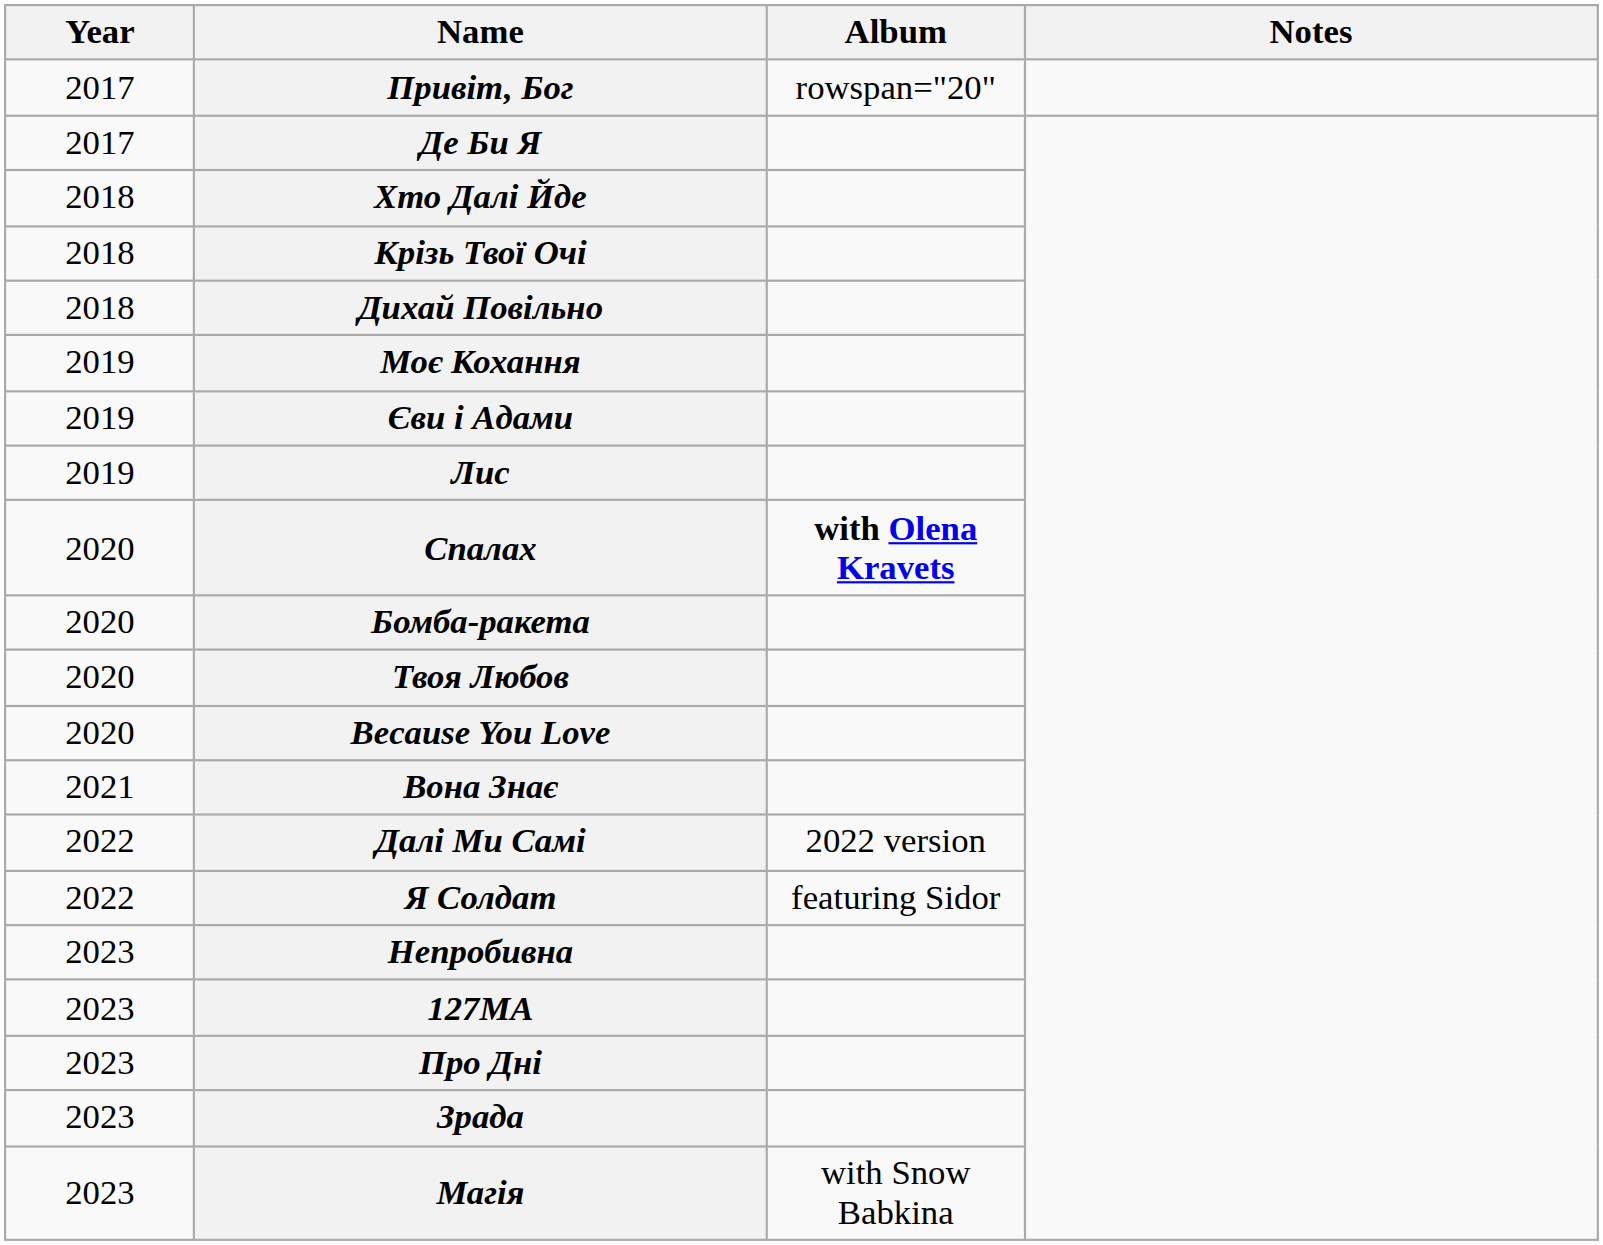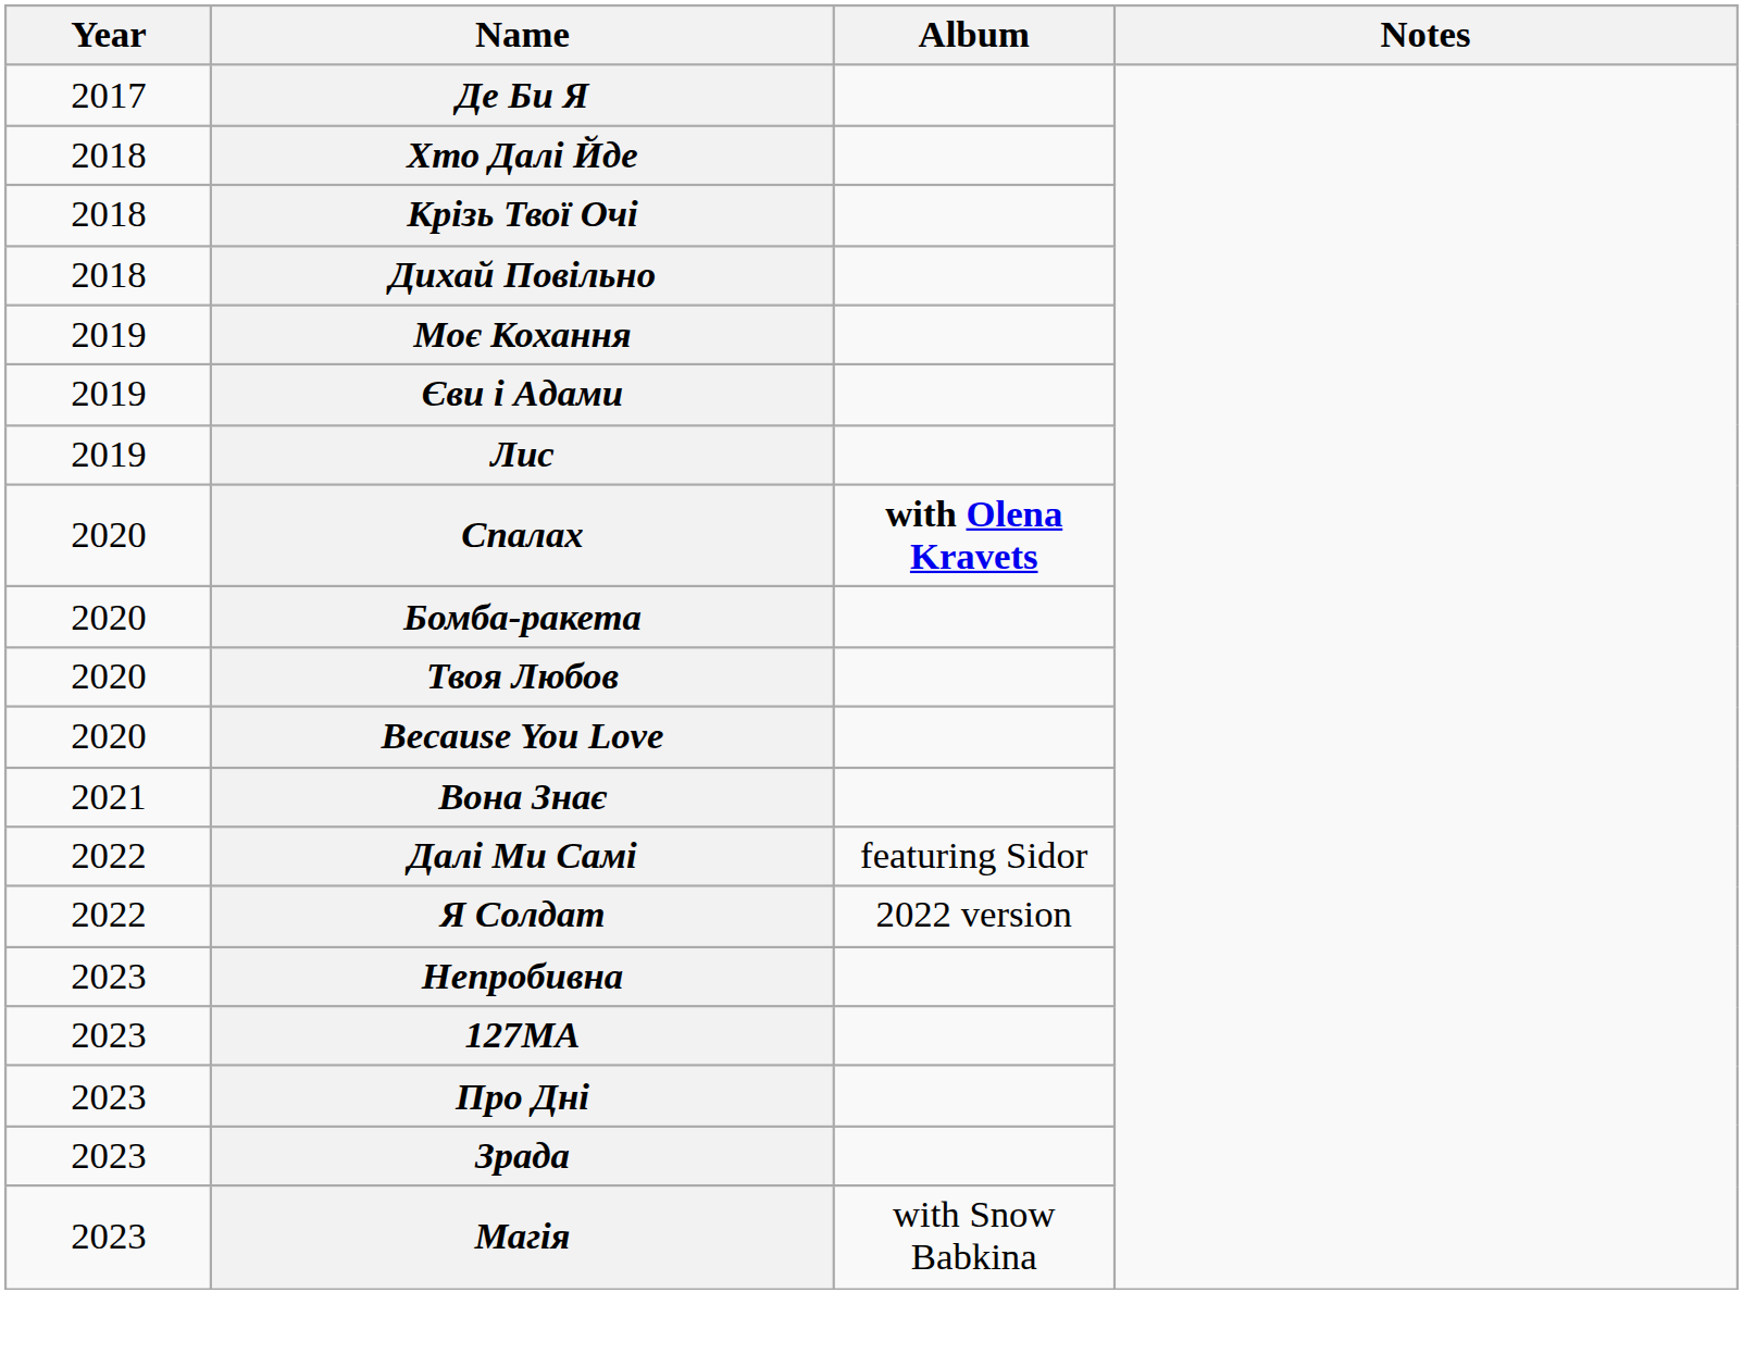 <table class="wikitable plainrowheaders" style="text-align:center;" border="1">
 <tr>
 <th scope="col" style="width:5em;">Year</th>
 <th scope="col" style="width:16em;">Name</th>
 <th scope="col" style="width:7em;">Album</th>
 <th scope="col" style="width:16em;">Notes</th>
-</tr>
-<tr>
-<td rowspan="1" style="text-align:center;">2017</td>
-<th scope="row"><em>Привіт, Бог</em></th>
-<td>rowspan="20" </td>
-<td></td>
 </tr>
 <tr>
 <td rowspan="1" style="text-align:center;">2017</td>
 <th scope="row"><em>Де Би Я</em></th>
 <td></td>
 </tr>
 <tr>
 <td rowspan="1" style="text-align:center;">2018</td>
 <th scope="row"><em>Хто Далі Йде</em></th>
 <td></td>
 </tr>
 <tr>
 <td rowspan="1" style="text-align:center;">2018</td>
 <th scope="row"><em>Крізь Твої Очі</em></th>
 <td></td>
 </tr>
 <tr>
 <td rowspan="1" style="text-align:center;">2018</td>
 <th scope="row"><em>Дихай Повільно</em></th>
 <td></td>
 </tr>
 <tr>
 <td rowspan="1" style="text-align:center;">2019</td>
 <th scope="row"><em>Моє Кохання</em></th>
 <td></td>
 </tr>
 <tr>
 <td rowspan="1" style="text-align:center;">2019</td>
 <th scope="row"><em>Єви і Адами</em></th>
 <td></td>
 </tr>
 <tr>
 <td rowspan="1" style="text-align:center;">2019</td>
 <th scope="row"><em>Лис</em></th>
 <td></td>
 </tr>
 <tr>
 <td rowspan="1" style="text-align:center;">2020</td>
 <th scope="row"><em>Спалах</em></th>
 <td><strong>with <a href='#'>Olena Kravets</a></strong></td>
 </tr>
 <tr>
 <td rowspan="1" style="text-align:center;">2020</td>
 <th scope="row"><em>Бомба-ракета</em></th>
 <td></td>
 </tr>
 <tr>
 <td rowspan="1" style="text-align:center;">2020</td>
 <th scope="row"><em>Твоя Любов</em></th>
 <td></td>
 </tr>
 <tr>
 <td rowspan="1" style="text-align:center;">2020</td>
 <th scope="row"><em>Because You Love</em></th>
 <td></td>
 </tr>
 <tr>
 <td rowspan="1" style="text-align:center;">2021</td>
 <th scope="row"><em>Вона Знає</em></th>
 <td></td>
 </tr>
 <tr>
 <td rowspan="1" style="text-align:center;">2022</td>
 <th scope="row"><em>Далі Ми Самі</em></th>
-<td>2022 version</td>
+<td>featuring Sidor</td>
 </tr>
 <tr>
 <td rowspan="1" style="text-align:center;">2022</td>
 <th scope="row"><em>Я Солдат</em></th>
-<td>featuring Sidor</td>
+<td>2022 version</td>
 </tr>
 <tr>
 <td rowspan="1" style="text-align:center;">2023</td>
 <th scope="row"><em>Непробивна</em></th>
 <td></td>
 </tr>
 <tr>
 <td rowspan="1" style="text-align:center;">2023</td>
 <th scope="row"><em>127МА</em></th>
 <td></td>
 </tr>
 <tr>
 <td rowspan="1" style="text-align:center;">2023</td>
 <th scope="row"><em>Про Дні</em></th>
 <td></td>
 </tr>
 <tr>
 <td rowspan="1" style="text-align:center;">2023</td>
 <th scope="row"><em>Зрада</em></th>
 <td></td>
 </tr>
 <tr>
 <td rowspan="1" style="text-align:center;">2023</td>
 <th scope="row"><em>Магія</em></th>
 <td>with Snow Babkina</td>
 </tr>
 </table>
